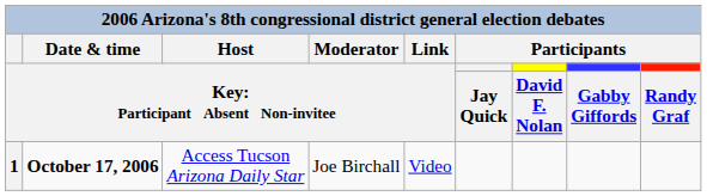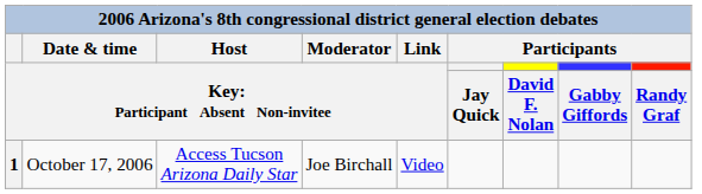 <table class="wikitable">
 <tr>
 <th style="background:#B0C4DE" colspan="16">2006 Arizona's 8th congressional district general election debates</th>
 </tr>
 <tr>
 <th style="white-space:nowrap;"> </th>
 <th>Date & time</th>
 <th>Host</th>
 <th>Moderator</th>
 <th>Link</th>
 <th scope="col" colspan="10">Participants</th>
 </tr>
 <tr>
 <th colspan="5" rowspan="2">Key:<br> <small>Participant  </small>  <small>Absent  </small>  <small>Non-invitee  </small></th>
 <th scope="col" style="width:10em; background: #dark grey;"></th>
 <th scope="col" style="width:10em; background: #FFFF00;"></th>
 <th scope="col" style="width:10em; background: #3333FF;"></th>
 <th scope="col" style="width:10em; background: #FF1A00;"></th>
 </tr>
 <tr>
 <th>Jay Quick</th>
 <th><a href='#'>David F. Nolan</a></th>
 <th><a href='#'>Gabby Giffords</a></th>
 <th><a href='#'>Randy Graf</a></th>
 </tr>
 <tr>
 <th> 1</th>
-<td style="white-space:nowrap; text-align:center;"><strong>October 17, 2006</strong></td>
+<td style="white-space:nowrap; text-align:center;">October 17, 2006</td>
 <td style="white-space:nowrap; text-align:center;"><a href='#'>Access Tucson</a><br><em><a href='#'>Arizona Daily Star</a></em></td>
 <td style="white-space:nowrap; text-align:center;">Joe Birchall</td>
 <td style="white-space:nowrap; text-align:center;"><a href='#'>Video</a></td>
 <td></td>
 <td></td>
 <td></td>
 <td></td>
 </tr>
 </table>
